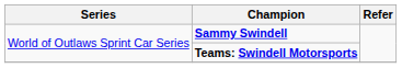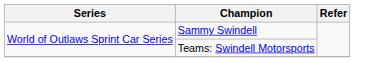 <table class="wikitable" style="font-size:87%;">
 <tr>
 <th>Series</th>
 <th>Champion</th>
 <th>Refer</th>
 </tr>
 <tr>
 <td rowspan=2><a href='#'>World of Outlaws Sprint Car Series</a></td>
-<td><strong> <a href='#'>Sammy Swindell</a></strong></td>
+<td> <a href='#'>Sammy Swindell</a></td>
 <td rowspan=2></td>
 </tr>
 <tr>
-<td><strong>Teams:  <a href='#'>Swindell Motorsports</a></strong></td>
+<td>Teams:  <a href='#'>Swindell Motorsports</a></td>
 </tr>
 <tr>
 </tr>
 </table>
